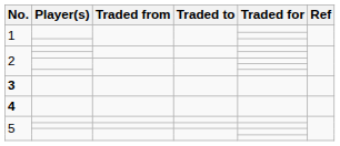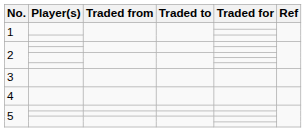 <table class="wikitable plainrowheaders sortable">
 <tr>
 <th>No.</th>
 <th>Player(s)</th>
 <th>Traded from</th>
 <th>Traded to</th>
 <th>Traded for</th>
 <th class="unsortable">Ref</th>
 </tr>
 <tr>
 <td rowspan=3>1</td>
 <td rowspan=2></td>
 <td rowspan=3></td>
 <td rowspan=3></td>
 <td></td>
 <td rowspan=3></td>
 </tr>
 <tr>
 <td></td>
 </tr>
 <tr>
 <td></td>
 <td></td>
 </tr>
 <tr>
 <td rowspan=5>2</td>
 <td></td>
 <td rowspan=2></td>
 <td rowspan=2></td>
 <td></td>
 <td rowspan=5></td>
 </tr>
 <tr>
 <td></td>
 <td></td>
 </tr>
 <tr>
 <td rowspan=2></td>
 <td rowspan=3></td>
 <td rowspan=3></td>
 <td></td>
 </tr>
 <tr>
 <td></td>
 </tr>
 <tr>
 <td></td>
 <td></td>
 </tr>
 <tr>
-<td><strong>3</strong></td>
+<td>3</td>
 <td></td>
 <td></td>
 <td></td>
 <td></td>
 <td></td>
 </tr>
 <tr>
-<td><strong>4</strong></td>
+<td>4</td>
 <td></td>
 <td></td>
 <td></td>
 <td></td>
 <td></td>
 </tr>
 <tr>
 <td rowspan=4>5</td>
 <td></td>
 <td></td>
 <td></td>
 <td></td>
 <td rowspan=4></td>
 </tr>
 <tr>
 <td></td>
 <td></td>
 <td></td>
 <td></td>
 </tr>
 <tr>
 <td rowspan=2></td>
 <td rowspan=2></td>
 <td rowspan=2></td>
 <td></td>
 </tr>
 <tr>
 <td></td>
 </tr>
 </table>
